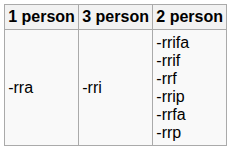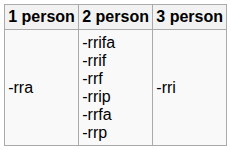 <table class="wikitable">
 <tr>
 <th>1 person</th>
+<th>2 person</th>
 <th>3 person</th>
-<th>2 person</th>
 </tr>
 <tr>
 <td>-rra</td>
+<td>-rrifa<br>-rrif<br>-rrf<br>-rrip<br>-rrfa<br>-rrp <br></td>
 <td>-rri</td>
-<td>-rrifa<br>-rrif<br>-rrf<br>-rrip<br>-rrfa<br>-rrp <br></td>
 </tr>
 </table>
